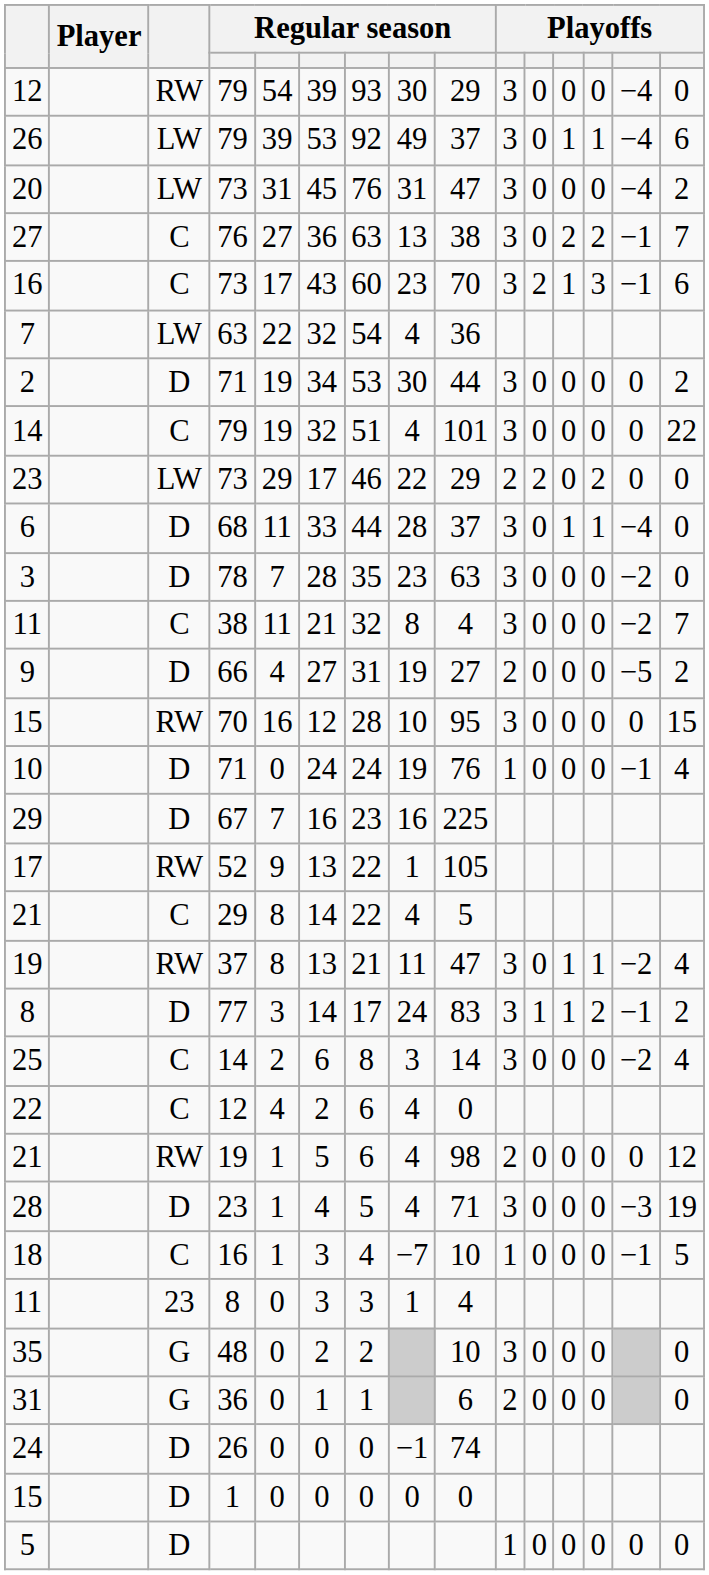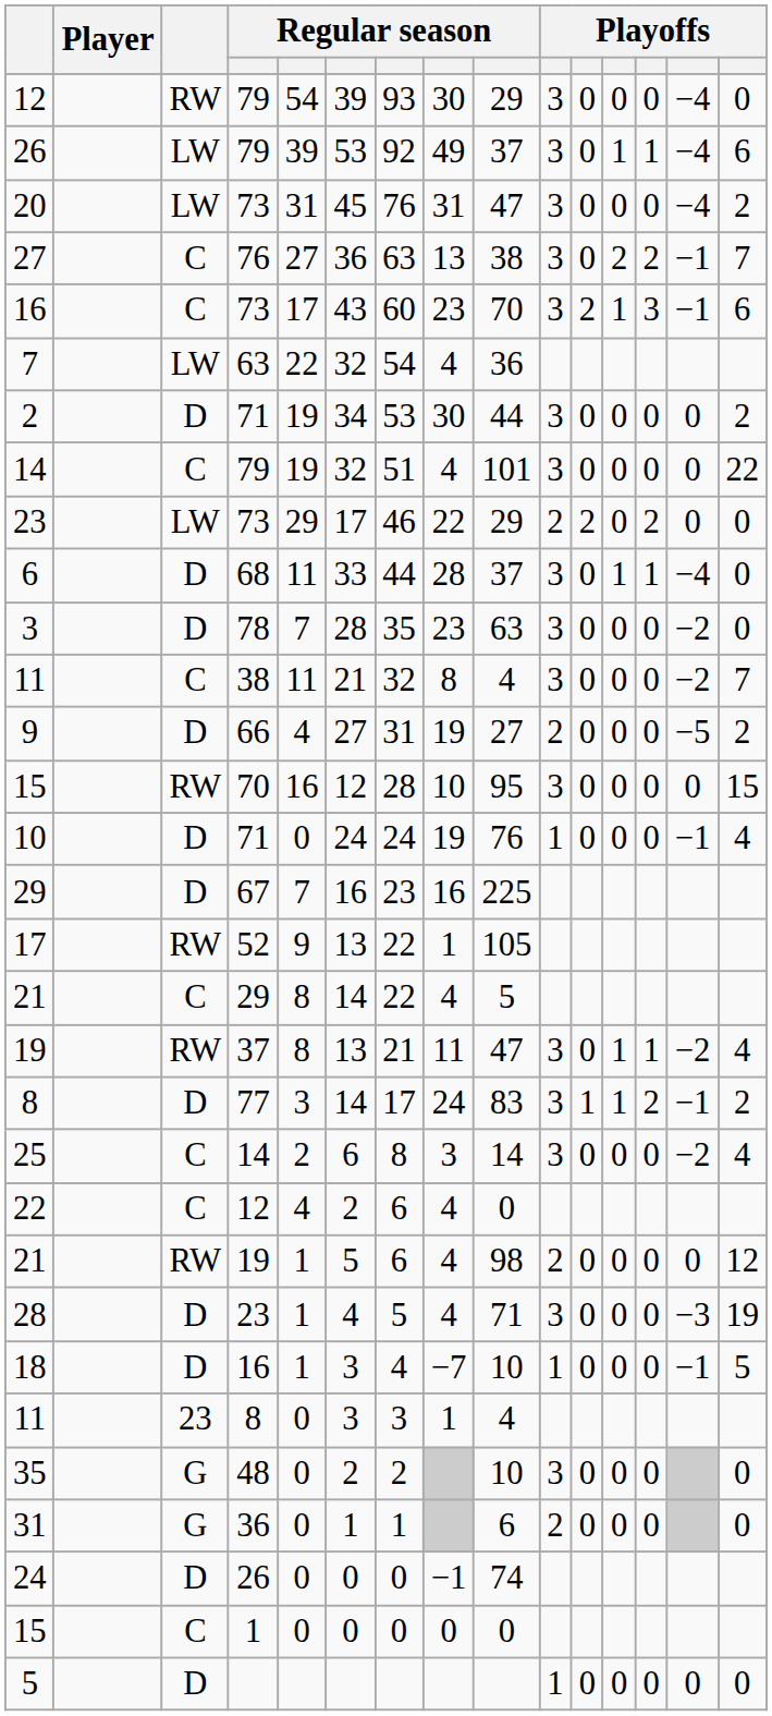 <table class="wikitable sortable plainrowheaders" style="text-align:center;">
 <tr>
 <th scope="col" data-sort-type="number" rowspan="2"></th>
 <th scope="col" rowspan="2">Player</th>
 <th scope="col" rowspan="2"></th>
 <th scope=colgroup colspan=6>Regular season</th>
 <th scope=colgroup colspan=6>Playoffs</th>
 </tr>
 <tr>
 <th scope="col" data-sort-type="number"></th>
 <th scope="col" data-sort-type="number"></th>
 <th scope="col" data-sort-type="number"></th>
 <th scope="col" data-sort-type="number"></th>
 <th scope="col" data-sort-type="number"></th>
 <th scope="col" data-sort-type="number"></th>
 <th scope="col" data-sort-type="number"></th>
 <th scope="col" data-sort-type="number"></th>
 <th scope="col" data-sort-type="number"></th>
 <th scope="col" data-sort-type="number"></th>
 <th scope="col" data-sort-type="number"></th>
 <th scope="col" data-sort-type="number"></th>
 </tr>
 <tr>
 <td scope="row">12</td>
 <td align="left"></td>
 <td>RW</td>
 <td>79</td>
 <td>54</td>
 <td>39</td>
 <td>93</td>
 <td>30</td>
 <td>29</td>
 <td>3</td>
 <td>0</td>
 <td>0</td>
 <td>0</td>
 <td>−4</td>
 <td>0</td>
 </tr>
 <tr>
 <td scope="row">26</td>
 <td align="left"></td>
 <td>LW</td>
 <td>79</td>
 <td>39</td>
 <td>53</td>
 <td>92</td>
 <td>49</td>
 <td>37</td>
 <td>3</td>
 <td>0</td>
 <td>1</td>
 <td>1</td>
 <td>−4</td>
 <td>6</td>
 </tr>
 <tr>
 <td scope="row">20</td>
 <td align="left"></td>
 <td>LW</td>
 <td>73</td>
 <td>31</td>
 <td>45</td>
 <td>76</td>
 <td>31</td>
 <td>47</td>
 <td>3</td>
 <td>0</td>
 <td>0</td>
 <td>0</td>
 <td>−4</td>
 <td>2</td>
 </tr>
 <tr>
 <td scope="row">27</td>
 <td align="left"></td>
 <td>C</td>
 <td>76</td>
 <td>27</td>
 <td>36</td>
 <td>63</td>
 <td>13</td>
 <td>38</td>
 <td>3</td>
 <td>0</td>
 <td>2</td>
 <td>2</td>
 <td>−1</td>
 <td>7</td>
 </tr>
 <tr>
 <td scope="row">16</td>
 <td align="left"></td>
 <td>C</td>
 <td>73</td>
 <td>17</td>
 <td>43</td>
 <td>60</td>
 <td>23</td>
 <td>70</td>
 <td>3</td>
 <td>2</td>
 <td>1</td>
 <td>3</td>
 <td>−1</td>
 <td>6</td>
 </tr>
 <tr>
 <td scope="row">7</td>
 <td align="left"></td>
 <td>LW</td>
 <td>63</td>
 <td>22</td>
 <td>32</td>
 <td>54</td>
 <td>4</td>
 <td>36</td>
 <td></td>
 <td></td>
 <td></td>
 <td></td>
 <td></td>
 <td></td>
 </tr>
 <tr>
 <td scope="row">2</td>
 <td align="left"></td>
 <td>D</td>
 <td>71</td>
 <td>19</td>
 <td>34</td>
 <td>53</td>
 <td>30</td>
 <td>44</td>
 <td>3</td>
 <td>0</td>
 <td>0</td>
 <td>0</td>
 <td>0</td>
 <td>2</td>
 </tr>
 <tr>
 <td scope="row">14</td>
 <td align="left"></td>
 <td>C</td>
 <td>79</td>
 <td>19</td>
 <td>32</td>
 <td>51</td>
 <td>4</td>
 <td>101</td>
 <td>3</td>
 <td>0</td>
 <td>0</td>
 <td>0</td>
 <td>0</td>
 <td>22</td>
 </tr>
 <tr>
 <td scope="row">23</td>
 <td align="left"></td>
 <td>LW</td>
 <td>73</td>
 <td>29</td>
 <td>17</td>
 <td>46</td>
 <td>22</td>
 <td>29</td>
 <td>2</td>
 <td>2</td>
 <td>0</td>
 <td>2</td>
 <td>0</td>
 <td>0</td>
 </tr>
 <tr>
 <td scope="row">6</td>
 <td align="left"></td>
 <td>D</td>
 <td>68</td>
 <td>11</td>
 <td>33</td>
 <td>44</td>
 <td>28</td>
 <td>37</td>
 <td>3</td>
 <td>0</td>
 <td>1</td>
 <td>1</td>
 <td>−4</td>
 <td>0</td>
 </tr>
 <tr>
 <td scope="row">3</td>
 <td align="left"></td>
 <td>D</td>
 <td>78</td>
 <td>7</td>
 <td>28</td>
 <td>35</td>
 <td>23</td>
 <td>63</td>
 <td>3</td>
 <td>0</td>
 <td>0</td>
 <td>0</td>
 <td>−2</td>
 <td>0</td>
 </tr>
 <tr>
 <td scope="row">11</td>
 <td align="left"></td>
 <td>C</td>
 <td>38</td>
 <td>11</td>
 <td>21</td>
 <td>32</td>
 <td>8</td>
 <td>4</td>
 <td>3</td>
 <td>0</td>
 <td>0</td>
 <td>0</td>
 <td>−2</td>
 <td>7</td>
 </tr>
 <tr>
 <td scope="row">9</td>
 <td align="left"></td>
 <td>D</td>
 <td>66</td>
 <td>4</td>
 <td>27</td>
 <td>31</td>
 <td>19</td>
 <td>27</td>
 <td>2</td>
 <td>0</td>
 <td>0</td>
 <td>0</td>
 <td>−5</td>
 <td>2</td>
 </tr>
 <tr>
 <td scope="row">15</td>
 <td align="left"></td>
 <td>RW</td>
 <td>70</td>
 <td>16</td>
 <td>12</td>
 <td>28</td>
 <td>10</td>
 <td>95</td>
 <td>3</td>
 <td>0</td>
 <td>0</td>
 <td>0</td>
 <td>0</td>
 <td>15</td>
 </tr>
 <tr>
 <td scope="row">10</td>
 <td align="left"></td>
 <td>D</td>
 <td>71</td>
 <td>0</td>
 <td>24</td>
 <td>24</td>
 <td>19</td>
 <td>76</td>
 <td>1</td>
 <td>0</td>
 <td>0</td>
 <td>0</td>
 <td>−1</td>
 <td>4</td>
 </tr>
 <tr>
 <td scope="row">29</td>
 <td align="left"></td>
 <td>D</td>
 <td>67</td>
 <td>7</td>
 <td>16</td>
 <td>23</td>
 <td>16</td>
 <td>225</td>
 <td></td>
 <td></td>
 <td></td>
 <td></td>
 <td></td>
 <td></td>
 </tr>
 <tr>
 <td scope="row">17</td>
 <td align="left"></td>
 <td>RW</td>
 <td>52</td>
 <td>9</td>
 <td>13</td>
 <td>22</td>
 <td>1</td>
 <td>105</td>
 <td></td>
 <td></td>
 <td></td>
 <td></td>
 <td></td>
 <td></td>
 </tr>
 <tr>
 <td scope="row">21</td>
 <td align="left"></td>
 <td>C</td>
 <td>29</td>
 <td>8</td>
 <td>14</td>
 <td>22</td>
 <td>4</td>
 <td>5</td>
 <td></td>
 <td></td>
 <td></td>
 <td></td>
 <td></td>
 <td></td>
 </tr>
 <tr>
 <td scope="row">19</td>
 <td align="left"></td>
 <td>RW</td>
 <td>37</td>
 <td>8</td>
 <td>13</td>
 <td>21</td>
 <td>11</td>
 <td>47</td>
 <td>3</td>
 <td>0</td>
 <td>1</td>
 <td>1</td>
 <td>−2</td>
 <td>4</td>
 </tr>
 <tr>
 <td scope="row">8</td>
 <td align="left"></td>
 <td>D</td>
 <td>77</td>
 <td>3</td>
 <td>14</td>
 <td>17</td>
 <td>24</td>
 <td>83</td>
 <td>3</td>
 <td>1</td>
 <td>1</td>
 <td>2</td>
 <td>−1</td>
 <td>2</td>
 </tr>
 <tr>
 <td scope="row">25</td>
 <td align="left"></td>
 <td>C</td>
 <td>14</td>
 <td>2</td>
 <td>6</td>
 <td>8</td>
 <td>3</td>
 <td>14</td>
 <td>3</td>
 <td>0</td>
 <td>0</td>
 <td>0</td>
 <td>−2</td>
 <td>4</td>
 </tr>
 <tr>
 <td scope="row">22</td>
 <td align="left"></td>
 <td>C</td>
 <td>12</td>
 <td>4</td>
 <td>2</td>
 <td>6</td>
 <td>4</td>
 <td>0</td>
 <td></td>
 <td></td>
 <td></td>
 <td></td>
 <td></td>
 <td></td>
 </tr>
 <tr>
 <td scope="row">21</td>
 <td align="left"></td>
 <td>RW</td>
 <td>19</td>
 <td>1</td>
 <td>5</td>
 <td>6</td>
 <td>4</td>
 <td>98</td>
 <td>2</td>
 <td>0</td>
 <td>0</td>
 <td>0</td>
 <td>0</td>
 <td>12</td>
 </tr>
 <tr>
 <td scope="row">28</td>
 <td align="left"></td>
 <td>D</td>
 <td>23</td>
 <td>1</td>
 <td>4</td>
 <td>5</td>
 <td>4</td>
 <td>71</td>
 <td>3</td>
 <td>0</td>
 <td>0</td>
 <td>0</td>
 <td>−3</td>
 <td>19</td>
 </tr>
 <tr>
 <td scope="row">18</td>
 <td align="left"></td>
-<td>C</td>
+<td>D</td>
 <td>16</td>
 <td>1</td>
 <td>3</td>
 <td>4</td>
 <td>−7</td>
 <td>10</td>
 <td>1</td>
 <td>0</td>
 <td>0</td>
 <td>0</td>
 <td>−1</td>
 <td>5</td>
 </tr>
 <tr>
 <td scope="row">11</td>
 <td align="left"></td>
 <td>23</td>
 <td>8</td>
 <td>0</td>
 <td>3</td>
 <td>3</td>
 <td>1</td>
 <td>4</td>
 <td></td>
 <td></td>
 <td></td>
 <td></td>
 <td></td>
 <td></td>
 </tr>
 <tr>
 <td scope="row">35</td>
 <td align="left"></td>
 <td>G</td>
 <td>48</td>
 <td>0</td>
 <td>2</td>
 <td>2</td>
 <td style="background:#ccc"></td>
 <td>10</td>
 <td>3</td>
 <td>0</td>
 <td>0</td>
 <td>0</td>
 <td style="background:#ccc"></td>
 <td>0</td>
 </tr>
 <tr>
 <td scope="row">31</td>
 <td align="left"></td>
 <td>G</td>
 <td>36</td>
 <td>0</td>
 <td>1</td>
 <td>1</td>
 <td style="background:#ccc"></td>
 <td>6</td>
 <td>2</td>
 <td>0</td>
 <td>0</td>
 <td>0</td>
 <td style="background:#ccc"></td>
 <td>0</td>
 </tr>
 <tr>
 <td scope="row">24</td>
 <td align="left"></td>
 <td>D</td>
 <td>26</td>
 <td>0</td>
 <td>0</td>
 <td>0</td>
 <td>−1</td>
 <td>74</td>
 <td></td>
 <td></td>
 <td></td>
 <td></td>
 <td></td>
 <td></td>
 </tr>
 <tr>
 <td scope="row">15</td>
 <td align="left"></td>
-<td>D</td>
+<td>C</td>
 <td>1</td>
 <td>0</td>
 <td>0</td>
 <td>0</td>
 <td>0</td>
 <td>0</td>
 <td></td>
 <td></td>
 <td></td>
 <td></td>
 <td></td>
 <td></td>
 </tr>
 <tr>
 <td scope="row">5</td>
 <td align="left"></td>
 <td>D</td>
 <td></td>
 <td></td>
 <td></td>
 <td></td>
 <td></td>
 <td></td>
 <td>1</td>
 <td>0</td>
 <td>0</td>
 <td>0</td>
 <td>0</td>
 <td>0</td>
 </tr>
 </table>
